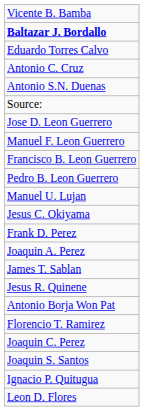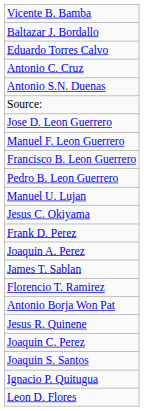 <table class=wikitable>
 <tr>
 <td><a href='#'>Vicente B. Bamba</a></td>
 </tr>
 <tr>
-<td><strong><a href='#'>Baltazar J. Bordallo</a></strong></td>
+<td><a href='#'>Baltazar J. Bordallo</a></td>
 </tr>
 <tr>
 <td><a href='#'>Eduardo Torres Calvo</a></td>
 </tr>
 <tr>
 <td><a href='#'>Antonio C. Cruz</a></td>
 </tr>
 <tr>
 <td><a href='#'>Antonio S.N. Duenas</a></td>
 </tr>
 <tr>
 <td>Source: </td>
 </tr>
 <tr>
 <td><a href='#'>Jose D. Leon Guerrero</a></td>
 </tr>
 <tr>
 <td><a href='#'>Manuel F. Leon Guerrero</a></td>
 </tr>
 <tr>
 <td><a href='#'>Francisco B. Leon Guerrero</a></td>
 </tr>
 <tr>
 <td><a href='#'>Pedro B. Leon Guerrero</a></td>
 </tr>
 <tr>
 <td><a href='#'>Manuel U. Lujan</a></td>
 </tr>
 <tr>
 <td><a href='#'>Jesus C. Okiyama</a></td>
 </tr>
 <tr>
 <td><a href='#'>Frank D. Perez</a></td>
 </tr>
 <tr>
 <td><a href='#'>Joaquin A. Perez</a></td>
 </tr>
 <tr>
 <td><a href='#'>James T. Sablan</a></td>
 </tr>
 <tr>
-<td><a href='#'>Jesus R. Quinene</a></td>
+<td><a href='#'>Florencio T. Ramirez</a></td>
 </tr>
 <tr>
 <td><a href='#'>Antonio Borja Won Pat</a></td>
 </tr>
 <tr>
-<td><a href='#'>Florencio T. Ramirez</a></td>
+<td><a href='#'>Jesus R. Quinene</a></td>
 </tr>
 <tr>
 <td><a href='#'>Joaquin C. Perez</a></td>
 </tr>
 <tr>
 <td><a href='#'>Joaquin S. Santos</a></td>
 </tr>
 <tr>
 <td><a href='#'>Ignacio P. Quitugua</a></td>
 </tr>
 <tr>
 <td><a href='#'>Leon D. Flores</a></td>
 </tr>
 </table>
